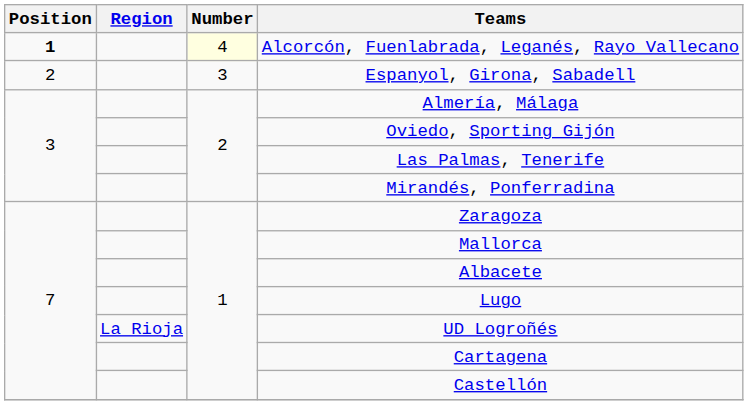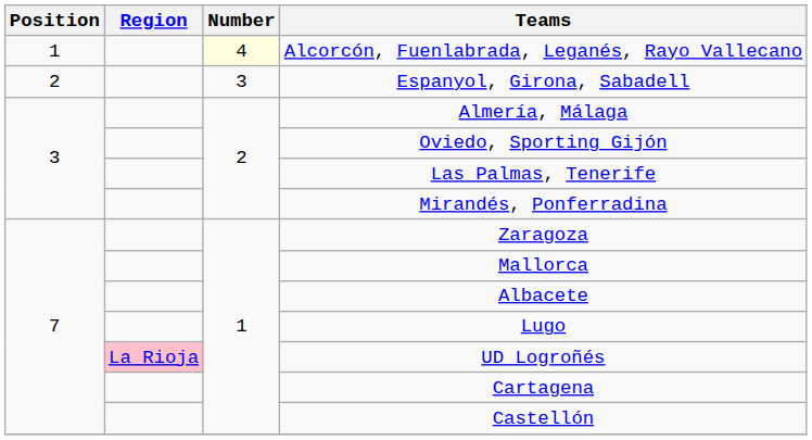 <table class="wikitable">
 <tr>
 <th>Position</th>
 <th><a href='#'>Region</a></th>
 <th>Number</th>
 <th>Teams</th>
 </tr>
 <tr>
-<td align=center><strong>1</strong></td>
+<td align=center>1</td>
 <td></td>
 <td align=center style="background: lightyellow;">4</td>
 <td align=center><a href='#'>Alcorcón</a>, <a href='#'>Fuenlabrada</a>, <a href='#'>Leganés</a>, <a href='#'>Rayo Vallecano</a></td>
 </tr>
 <tr>
 <td align=center>2</td>
 <td></td>
 <td align=center>3</td>
 <td align=center><a href='#'>Espanyol</a>, <a href='#'>Girona</a>, <a href='#'>Sabadell</a></td>
 </tr>
 <tr>
 <td align=center rowspan=4>3</td>
 <td></td>
 <td align=center rowspan=4>2</td>
 <td align=center><a href='#'>Almería</a>, <a href='#'>Málaga</a></td>
 </tr>
 <tr>
 <td></td>
 <td align=center><a href='#'>Oviedo</a>, <a href='#'>Sporting Gijón</a></td>
 </tr>
 <tr>
 <td></td>
 <td align=center><a href='#'>Las Palmas</a>, <a href='#'>Tenerife</a></td>
 </tr>
 <tr>
 <td></td>
 <td align=center><a href='#'>Mirandés</a>, <a href='#'>Ponferradina</a></td>
 </tr>
 <tr>
 <td align=center rowspan=7>7</td>
 <td></td>
 <td align=center rowspan=7>1</td>
 <td align=center><a href='#'>Zaragoza</a></td>
 </tr>
 <tr>
 <td></td>
 <td align=center><a href='#'>Mallorca</a></td>
 </tr>
 <tr>
 <td></td>
 <td align=center><a href='#'>Albacete</a></td>
 </tr>
 <tr>
 <td></td>
 <td align=center><a href='#'>Lugo</a></td>
 </tr>
 <tr>
-<td> <a href='#'>La Rioja</a></td>
+<td style="background: pink;"> <a href='#'>La Rioja</a></td>
 <td align=center><a href='#'>UD Logroñés</a></td>
 </tr>
 <tr>
 <td></td>
 <td align=center><a href='#'>Cartagena</a></td>
 </tr>
 <tr>
 <td></td>
 <td align=center><a href='#'>Castellón</a></td>
 </tr>
 <tr>
 </tr>
 </table>
